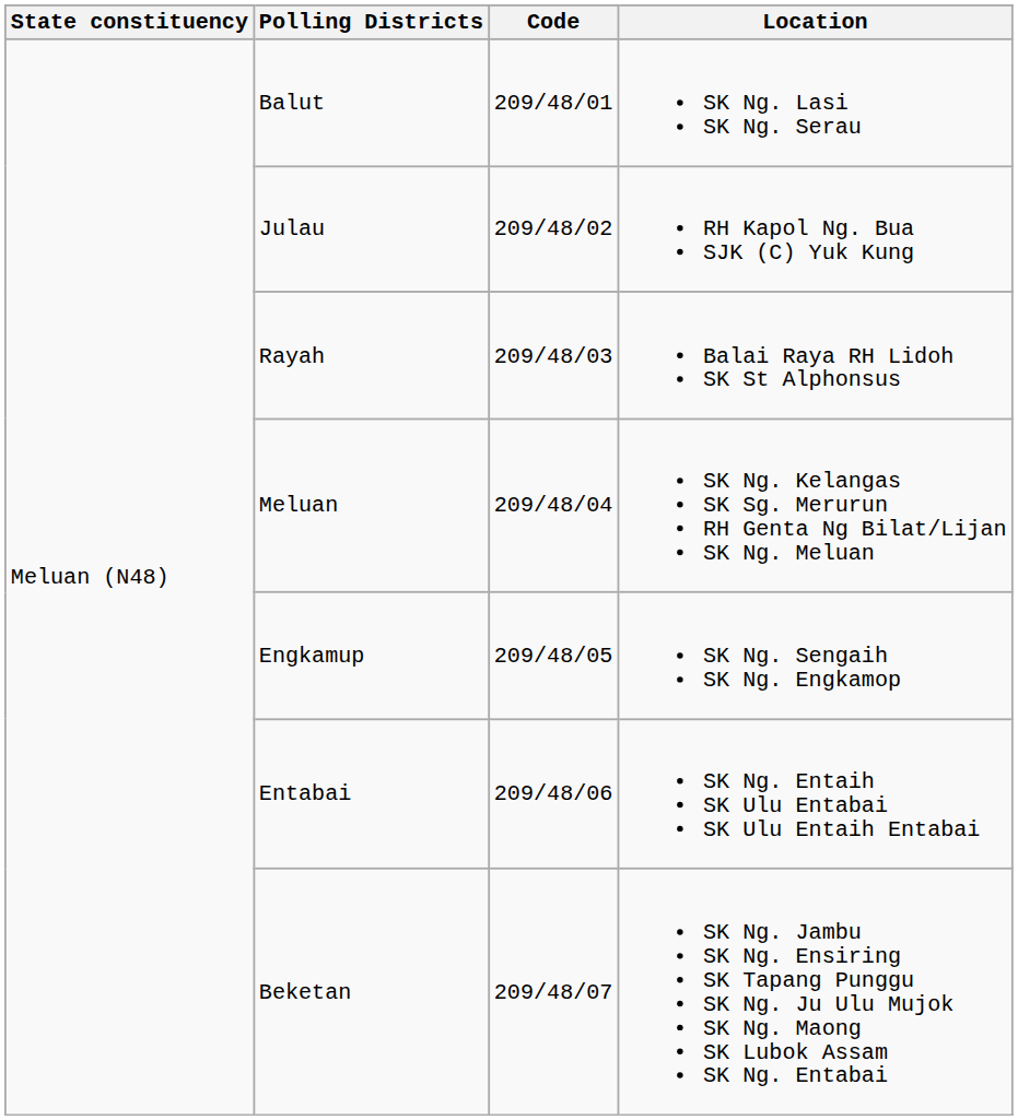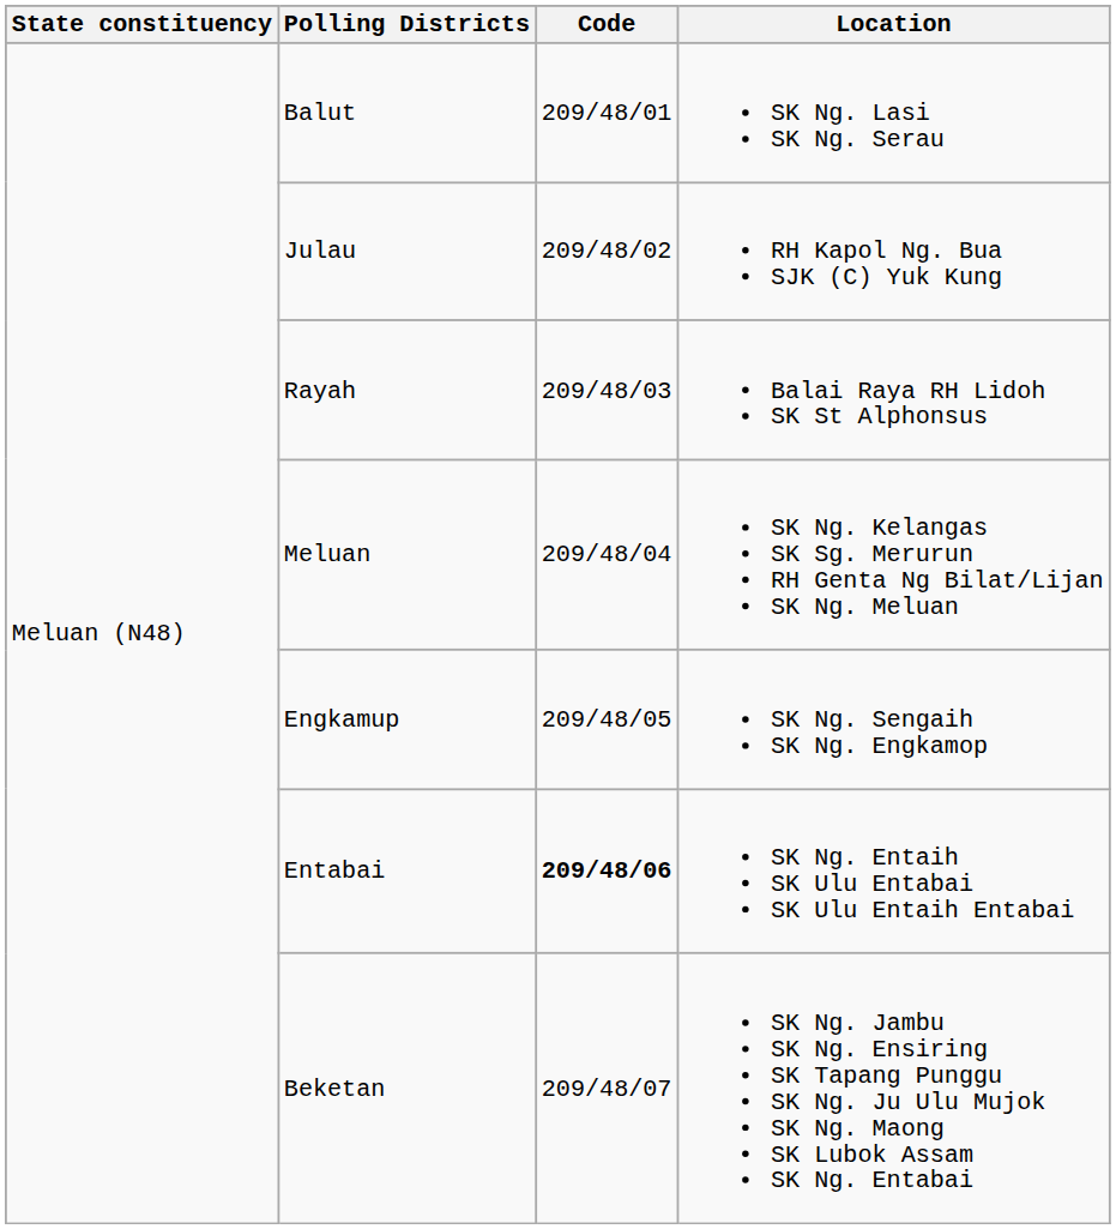 <table class="wikitable sortable mw-collapsible" style="white-space:nowrap;font-size:85%">
 <tr>
 <th>State constituency</th>
 <th>Polling Districts</th>
 <th>Code</th>
 <th>Location</th>
 </tr>
 <tr>
 <td rowspan="7">Meluan (N48)</td>
 <td>Balut</td>
 <td>209/48/01</td>
 <td><br><ul><li>SK Ng. Lasi</li><li>SK Ng. Serau</li></ul></td>
 </tr>
 <tr>
 <td>Julau</td>
 <td>209/48/02</td>
 <td><br><ul><li>RH Kapol Ng. Bua</li><li>SJK (C) Yuk Kung</li></ul></td>
 </tr>
 <tr>
 <td>Rayah</td>
 <td>209/48/03</td>
 <td><br><ul><li>Balai Raya RH Lidoh</li><li>SK St Alphonsus</li></ul></td>
 </tr>
 <tr>
 <td>Meluan</td>
 <td>209/48/04</td>
 <td><br><ul><li>SK Ng. Kelangas</li><li>SK Sg. Merurun</li><li>RH Genta Ng Bilat/Lijan</li><li>SK Ng. Meluan</li></ul></td>
 </tr>
 <tr>
 <td>Engkamup</td>
 <td>209/48/05</td>
 <td><br><ul><li>SK Ng. Sengaih</li><li>SK Ng. Engkamop</li></ul></td>
 </tr>
 <tr>
 <td>Entabai</td>
-<td>209/48/06</td>
+<td><strong>209/48/06</strong></td>
 <td><br><ul><li>SK Ng. Entaih</li><li>SK Ulu Entabai</li><li>SK Ulu Entaih Entabai</li></ul></td>
 </tr>
 <tr>
 <td>Beketan</td>
 <td>209/48/07</td>
 <td><br><ul><li>SK Ng. Jambu</li><li>SK Ng. Ensiring</li><li>SK Tapang Punggu</li><li>SK Ng. Ju Ulu Mujok</li><li>SK Ng. Maong</li><li>SK Lubok Assam</li><li>SK Ng. Entabai</li></ul></td>
 </tr>
 </table>
